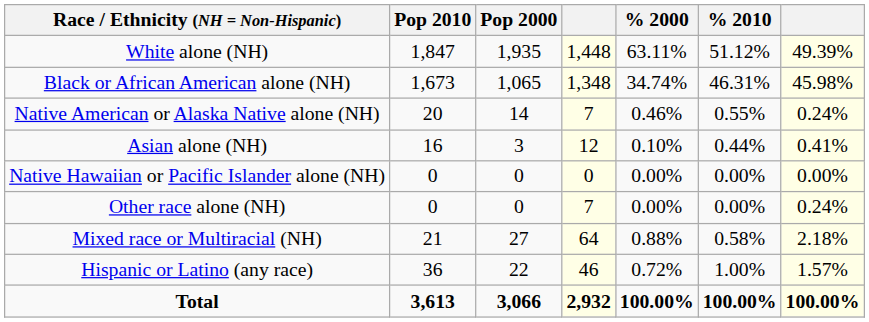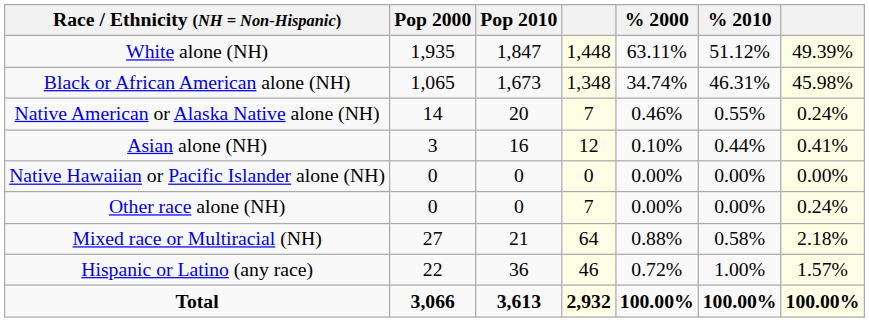 <table class="wikitable" style="text-align:center;">
 <tr>
 <th>Race / Ethnicity <small>(<em>NH = Non-Hispanic</em>)</small></th>
+<th>Pop 2000</th>
 <th>Pop 2010</th>
-<th>Pop 2000</th>
 <th></th>
 <th>% 2000</th>
 <th>% 2010</th>
 <th></th>
 </tr>
 <tr>
 <td><a href='#'>White</a> alone (NH)</td>
+<td>1,935</td>
 <td>1,847</td>
-<td>1,935</td>
 <td style='background: #ffffe6;'>1,448</td>
 <td>63.11%</td>
 <td>51.12%</td>
 <td style='background: #ffffe6;'>49.39%</td>
 </tr>
 <tr>
 <td><a href='#'>Black or African American</a> alone (NH)</td>
+<td>1,065</td>
 <td>1,673</td>
-<td>1,065</td>
 <td style='background: #ffffe6;'>1,348</td>
 <td>34.74%</td>
 <td>46.31%</td>
 <td style='background: #ffffe6;'>45.98%</td>
 </tr>
 <tr>
 <td><a href='#'>Native American</a> or <a href='#'>Alaska Native</a> alone (NH)</td>
+<td>14</td>
 <td>20</td>
-<td>14</td>
 <td style='background: #ffffe6;'>7</td>
 <td>0.46%</td>
 <td>0.55%</td>
 <td style='background: #ffffe6;'>0.24%</td>
 </tr>
 <tr>
 <td><a href='#'>Asian</a> alone (NH)</td>
+<td>3</td>
 <td>16</td>
-<td>3</td>
 <td style='background: #ffffe6;'>12</td>
 <td>0.10%</td>
 <td>0.44%</td>
 <td style='background: #ffffe6;'>0.41%</td>
 </tr>
 <tr>
 <td><a href='#'>Native Hawaiian</a> or <a href='#'>Pacific Islander</a> alone (NH)</td>
 <td>0</td>
 <td>0</td>
 <td style='background: #ffffe6;'>0</td>
 <td>0.00%</td>
 <td>0.00%</td>
 <td style='background: #ffffe6;'>0.00%</td>
 </tr>
 <tr>
 <td><a href='#'>Other race</a> alone (NH)</td>
 <td>0</td>
 <td>0</td>
 <td style='background: #ffffe6;'>7</td>
 <td>0.00%</td>
 <td>0.00%</td>
 <td style='background: #ffffe6;'>0.24%</td>
 </tr>
 <tr>
 <td><a href='#'>Mixed race or Multiracial</a> (NH)</td>
+<td>27</td>
 <td>21</td>
-<td>27</td>
 <td style='background: #ffffe6;'>64</td>
 <td>0.88%</td>
 <td>0.58%</td>
 <td style='background: #ffffe6;'>2.18%</td>
 </tr>
 <tr>
 <td><a href='#'>Hispanic or Latino</a> (any race)</td>
+<td>22</td>
 <td>36</td>
-<td>22</td>
 <td style='background: #ffffe6;'>46</td>
 <td>0.72%</td>
 <td>1.00%</td>
 <td style='background: #ffffe6;'>1.57%</td>
 </tr>
 <tr>
 <td><strong>Total</strong></td>
+<td><strong>3,066</strong></td>
 <td><strong>3,613</strong></td>
-<td><strong>3,066</strong></td>
 <td style='background: #ffffe6;'><strong>2,932</strong></td>
 <td><strong>100.00%</strong></td>
 <td><strong>100.00%</strong></td>
 <td style='background: #ffffe6;'><strong>100.00%</strong></td>
 </tr>
 </table>
